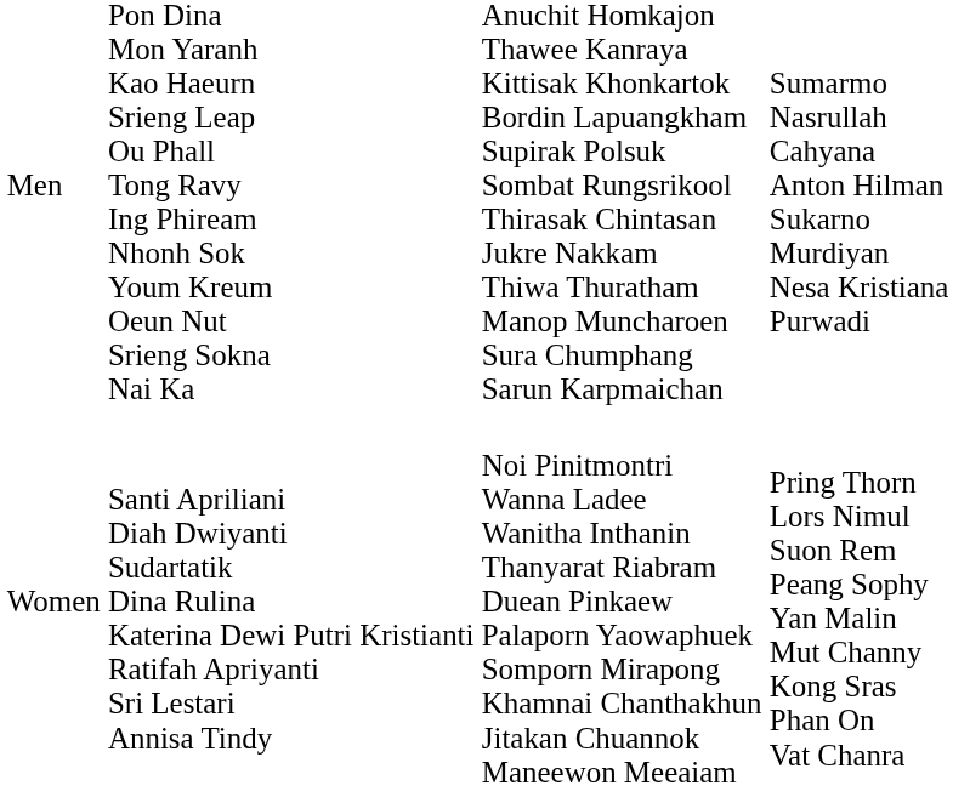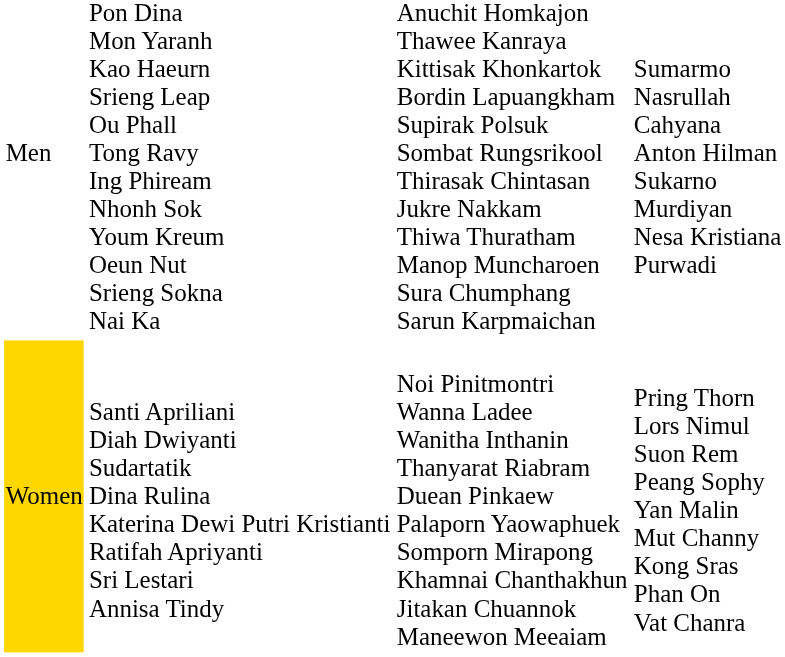 <table>
 <tr>
 <td>Men</td>
 <td nowrap=true><br>Pon Dina<br>Mon Yaranh<br>Kao Haeurn<br>Srieng Leap<br>Ou Phall<br>Tong Ravy<br>Ing Phiream<br>Nhonh Sok<br>Youm Kreum<br>Oeun Nut<br>Srieng Sokna<br>Nai Ka</td>
 <td nowrap=true><br>Anuchit Homkajon<br>Thawee Kanraya<br>Kittisak Khonkartok<br>Bordin Lapuangkham<br>Supirak Polsuk<br>Sombat Rungsrikool<br>Thirasak Chintasan<br>Jukre Nakkam<br>Thiwa Thuratham<br>Manop Muncharoen<br>Sura Chumphang<br>Sarun Karpmaichan</td>
 <td nowrap=true><br>Sumarmo<br>Nasrullah<br>Cahyana<br>Anton Hilman<br>Sukarno<br>Murdiyan<br>Nesa Kristiana<br>Purwadi</td>
 </tr>
 <tr>
-<td>Women</td>
+<td style="background: gold;">Women</td>
 <td nowrap=true><br>Santi Apriliani<br>Diah Dwiyanti<br>Sudartatik<br>Dina Rulina<br>Katerina Dewi Putri Kristianti<br>Ratifah Apriyanti<br>Sri Lestari<br>Annisa Tindy</td>
 <td nowrap=true><br>Noi Pinitmontri<br>Wanna Ladee<br>Wanitha Inthanin<br>Thanyarat Riabram<br>Duean Pinkaew<br>Palaporn Yaowaphuek<br>Somporn Mirapong<br>Khamnai Chanthakhun<br>Jitakan Chuannok<br>Maneewon Meeaiam</td>
 <td nowrap=true><br>Pring Thorn<br>Lors Nimul<br>Suon Rem<br>Peang Sophy<br>Yan Malin<br>Mut Channy<br>Kong Sras<br>Phan On<br>Vat Chanra</td>
 </tr>
 </table>
